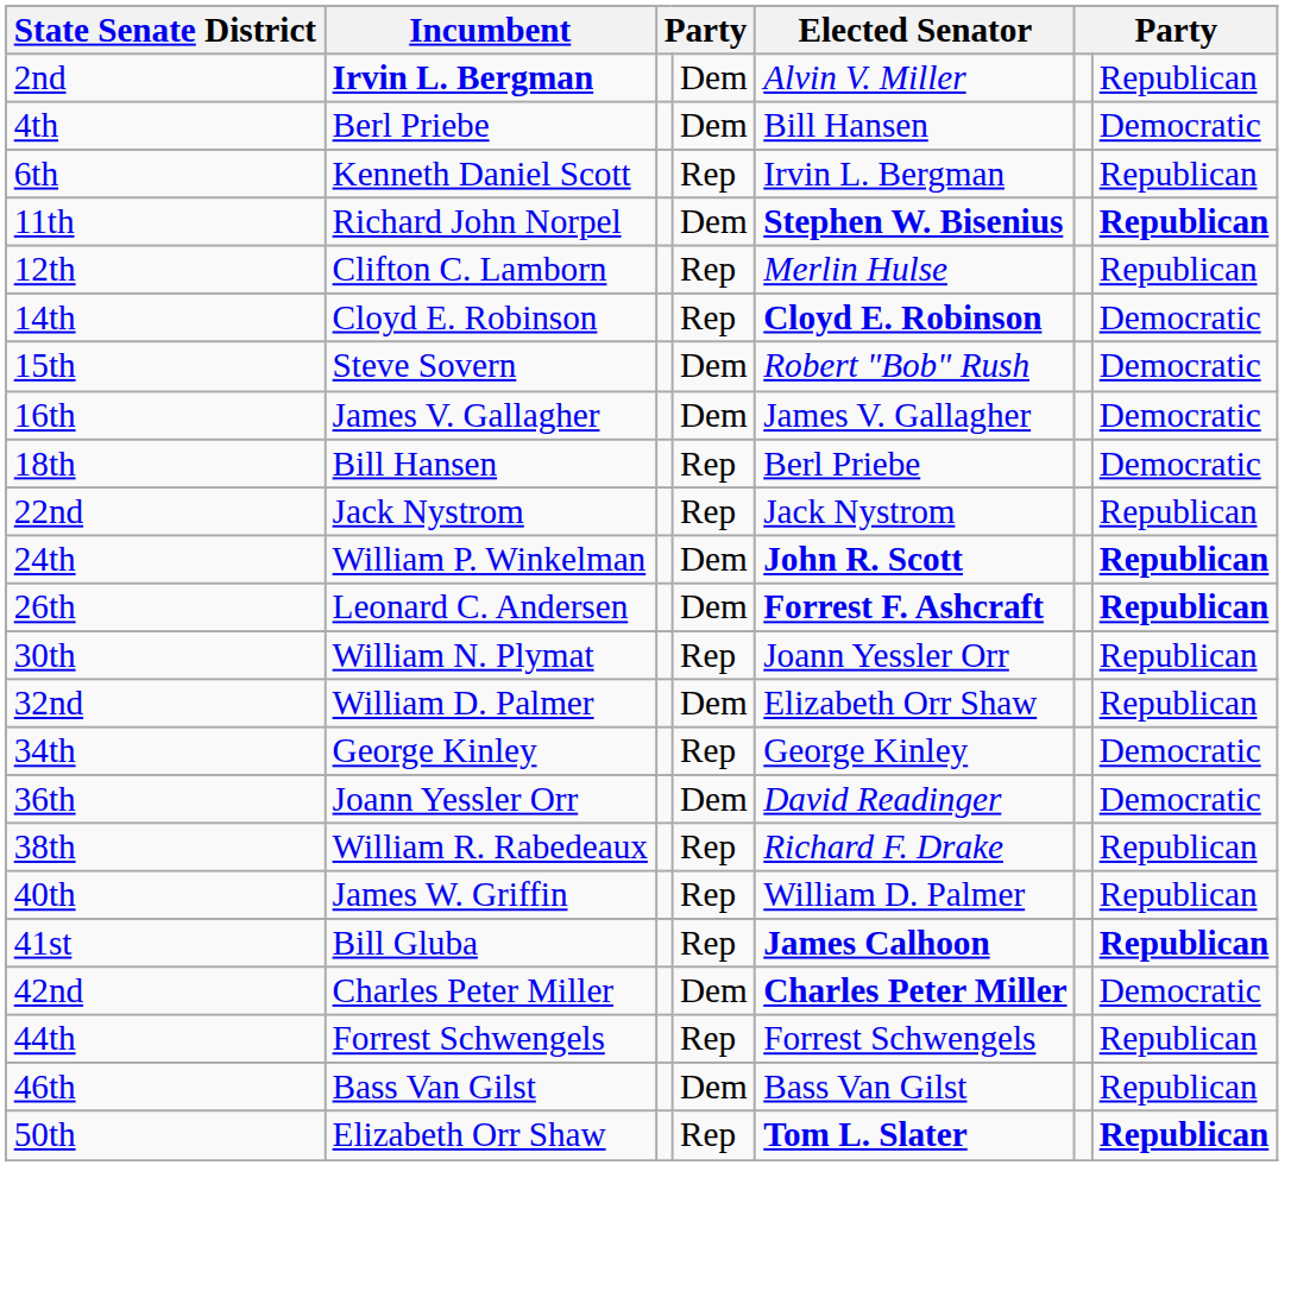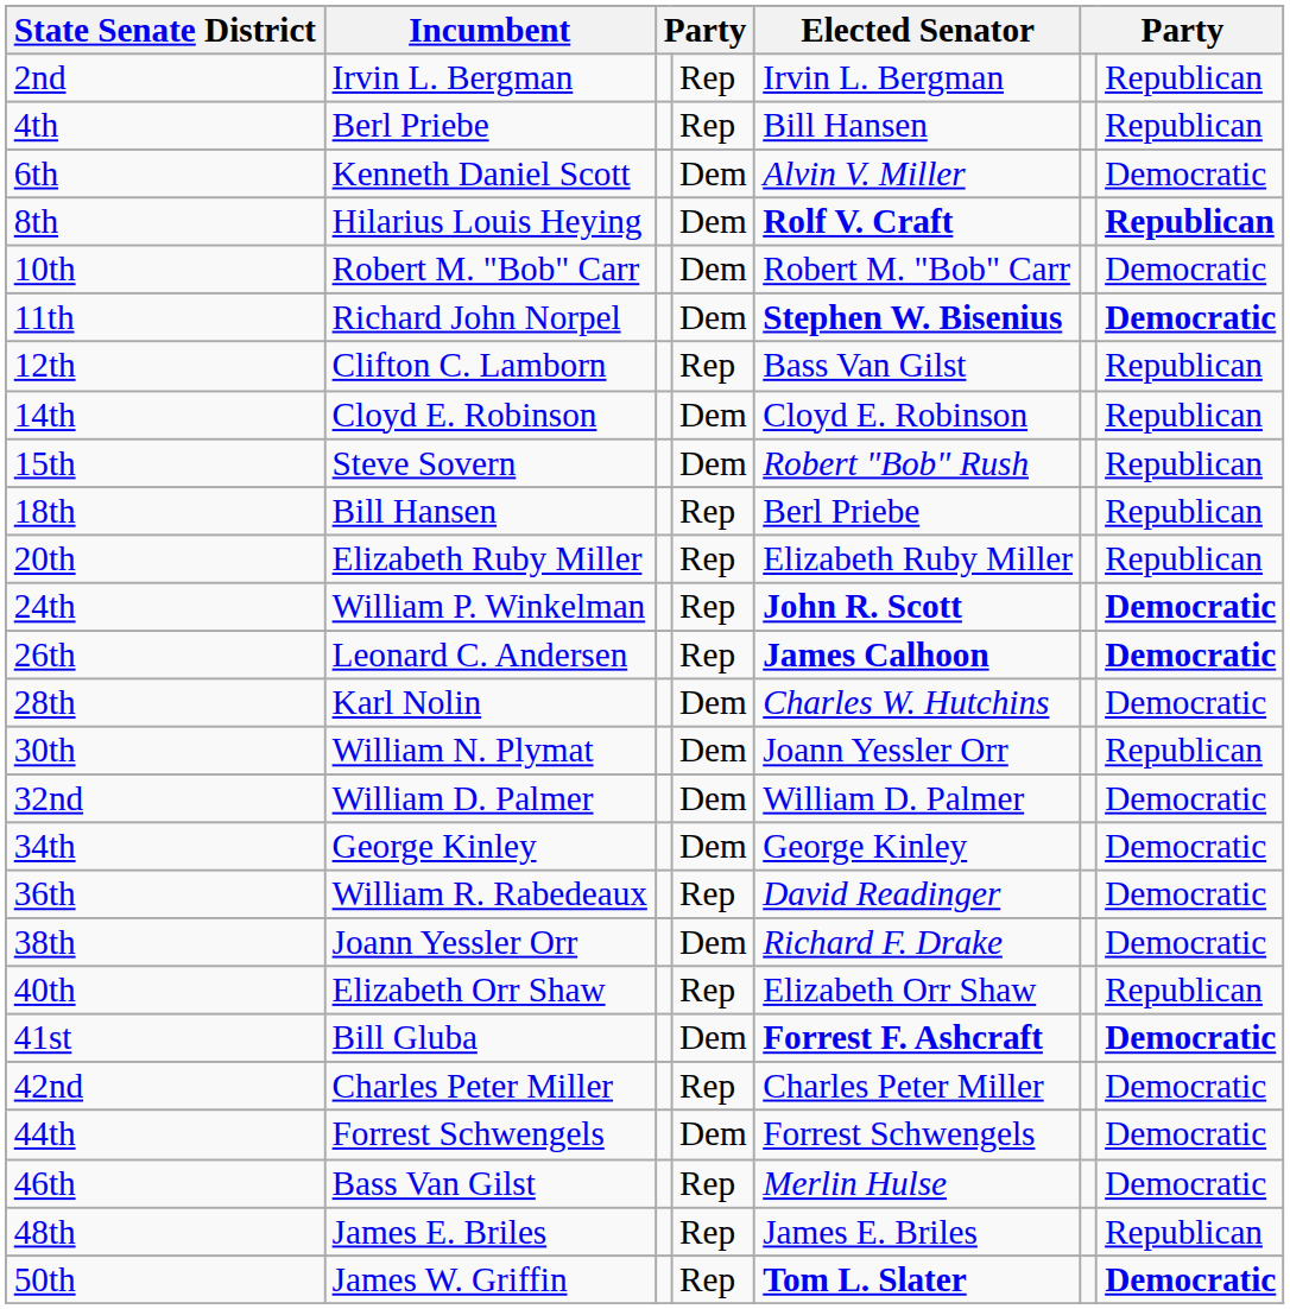 <table class="sortable wikitable" style="font-size:95%;line-height:14px;">
 <tr>
 <th class="unsortable"><a href='#'>State Senate</a> District</th>
 <th class="unsortable"><a href='#'>Incumbent</a></th>
 <th colspan="2">Party</th>
 <th class="unsortable">Elected Senator</th>
 <th colspan="2">Party</th>
 </tr>
 <tr>
 <td><a href='#'>2nd</a></td>
-<td><strong><a href='#'>Irvin L. Bergman</a></strong></td>
+<td><a href='#'>Irvin L. Bergman</a></td>
 <td style="background:"></td>
-<td>Dem</td>
-<td><em><a href='#'>Alvin V. Miller</a></em></td>
+<td>Rep</td>
+<td><a href='#'>Irvin L. Bergman</a></td>
 <td style="background:"></td>
 <td><a href='#'>Republican</a></td>
 </tr>
 <tr>
 <td><a href='#'>4th</a></td>
 <td><a href='#'>Berl Priebe</a></td>
 <td style="background:"></td>
-<td>Dem</td>
+<td>Rep</td>
 <td><a href='#'>Bill Hansen</a></td>
 <td style="background:"></td>
-<td><a href='#'>Democratic</a></td>
+<td><a href='#'>Republican</a></td>
 </tr>
 <tr>
 <td><a href='#'>6th</a></td>
 <td><a href='#'>Kenneth Daniel Scott</a></td>
 <td style="background:"></td>
-<td>Rep</td>
-<td><a href='#'>Irvin L. Bergman</a></td>
+<td>Dem</td>
+<td><em><a href='#'>Alvin V. Miller</a></em></td>
 <td style="background:"></td>
-<td><a href='#'>Republican</a></td>
+<td><a href='#'>Democratic</a></td>
+</tr>
+<tr>
+<td><a href='#'>8th</a></td>
+<td><a href='#'>Hilarius Louis Heying</a></td>
+<td style="background:"></td>
+<td>Dem</td>
+<td><strong><a href='#'>Rolf V. Craft</a></strong></td>
+<td style="background:"></td>
+<td><strong><a href='#'>Republican</a></strong></td>
+</tr>
+<tr>
+<td><a href='#'>10th</a></td>
+<td><a href='#'>Robert M. "Bob" Carr</a></td>
+<td style="background:"></td>
+<td>Dem</td>
+<td><a href='#'>Robert M. "Bob" Carr</a></td>
+<td style="background:"></td>
+<td><a href='#'>Democratic</a></td>
 </tr>
 <tr>
 <td><a href='#'>11th</a></td>
 <td><a href='#'>Richard John Norpel</a></td>
 <td style="background:"></td>
 <td>Dem</td>
 <td><strong><a href='#'>Stephen W. Bisenius</a></strong></td>
 <td style="background:"></td>
-<td><strong><a href='#'>Republican</a></strong></td>
+<td><strong><a href='#'>Democratic</a></strong></td>
 </tr>
 <tr>
 <td><a href='#'>12th</a></td>
 <td><a href='#'>Clifton C. Lamborn</a></td>
 <td style="background:"></td>
 <td>Rep</td>
-<td><em><a href='#'>Merlin Hulse</a></em></td>
+<td><a href='#'>Bass Van Gilst</a></td>
 <td style="background:"></td>
 <td><a href='#'>Republican</a></td>
 </tr>
 <tr>
 <td><a href='#'>14th</a></td>
 <td><a href='#'>Cloyd E. Robinson</a></td>
 <td style="background:"></td>
-<td>Rep</td>
-<td><strong><a href='#'>Cloyd E. Robinson</a></strong></td>
+<td>Dem</td>
+<td><a href='#'>Cloyd E. Robinson</a></td>
 <td style="background:"></td>
-<td><a href='#'>Democratic</a></td>
+<td><a href='#'>Republican</a></td>
 </tr>
 <tr>
 <td><a href='#'>15th</a></td>
 <td><a href='#'>Steve Sovern</a></td>
 <td style="background:"></td>
 <td>Dem</td>
 <td><em><a href='#'>Robert "Bob" Rush</a></em></td>
 <td style="background:"></td>
-<td><a href='#'>Democratic</a></td>
-</tr>
-<tr>
-<td><a href='#'>16th</a></td>
-<td><a href='#'>James V. Gallagher</a></td>
-<td style="background:"></td>
-<td>Dem</td>
-<td><a href='#'>James V. Gallagher</a></td>
-<td style="background:"></td>
-<td><a href='#'>Democratic</a></td>
+<td><a href='#'>Republican</a></td>
 </tr>
 <tr>
 <td><a href='#'>18th</a></td>
 <td><a href='#'>Bill Hansen</a></td>
 <td style="background:"></td>
 <td>Rep</td>
 <td><a href='#'>Berl Priebe</a></td>
 <td style="background:"></td>
-<td><a href='#'>Democratic</a></td>
+<td><a href='#'>Republican</a></td>
 </tr>
 <tr>
-<td><a href='#'>22nd</a></td>
-<td><a href='#'>Jack Nystrom</a></td>
+<td><a href='#'>20th</a></td>
+<td><a href='#'>Elizabeth Ruby Miller</a></td>
 <td style="background:"></td>
 <td>Rep</td>
-<td><a href='#'>Jack Nystrom</a></td>
+<td><a href='#'>Elizabeth Ruby Miller</a></td>
 <td style="background:"></td>
 <td><a href='#'>Republican</a></td>
 </tr>
 <tr>
 <td><a href='#'>24th</a></td>
 <td><a href='#'>William P. Winkelman</a></td>
 <td style="background:"></td>
-<td>Dem</td>
+<td>Rep</td>
 <td><strong><a href='#'>John R. Scott</a></strong></td>
 <td style="background:"></td>
-<td><strong><a href='#'>Republican</a></strong></td>
+<td><strong><a href='#'>Democratic</a></strong></td>
 </tr>
 <tr>
 <td><a href='#'>26th</a></td>
 <td><a href='#'>Leonard C. Andersen</a></td>
 <td style="background:"></td>
+<td>Rep</td>
+<td><strong><a href='#'>James Calhoon</a></strong></td>
+<td style="background:"></td>
+<td><strong><a href='#'>Democratic</a></strong></td>
+</tr>
+<tr>
+<td><a href='#'>28th</a></td>
+<td><a href='#'>Karl Nolin</a></td>
+<td style="background:"></td>
 <td>Dem</td>
-<td><strong><a href='#'>Forrest F. Ashcraft</a></strong></td>
+<td><em><a href='#'>Charles W. Hutchins</a></em></td>
 <td style="background:"></td>
-<td><strong><a href='#'>Republican</a></strong></td>
+<td><a href='#'>Democratic</a></td>
 </tr>
 <tr>
 <td><a href='#'>30th</a></td>
 <td><a href='#'>William N. Plymat</a></td>
 <td style="background:"></td>
-<td>Rep</td>
+<td>Dem</td>
 <td><a href='#'>Joann Yessler Orr</a></td>
 <td style="background:"></td>
 <td><a href='#'>Republican</a></td>
 </tr>
 <tr>
 <td><a href='#'>32nd</a></td>
 <td><a href='#'>William D. Palmer</a></td>
 <td style="background:"></td>
 <td>Dem</td>
-<td><a href='#'>Elizabeth Orr Shaw</a></td>
+<td><a href='#'>William D. Palmer</a></td>
 <td style="background:"></td>
-<td><a href='#'>Republican</a></td>
+<td><a href='#'>Democratic</a></td>
 </tr>
 <tr>
 <td><a href='#'>34th</a></td>
 <td><a href='#'>George Kinley</a></td>
 <td style="background:"></td>
-<td>Rep</td>
+<td>Dem</td>
 <td><a href='#'>George Kinley</a></td>
 <td style="background:"></td>
 <td><a href='#'>Democratic</a></td>
 </tr>
 <tr>
 <td><a href='#'>36th</a></td>
-<td><a href='#'>Joann Yessler Orr</a></td>
+<td><a href='#'>William R. Rabedeaux</a></td>
 <td style="background:"></td>
-<td>Dem</td>
+<td>Rep</td>
 <td><em><a href='#'>David Readinger</a></em></td>
 <td style="background:"></td>
 <td><a href='#'>Democratic</a></td>
 </tr>
 <tr>
 <td><a href='#'>38th</a></td>
-<td><a href='#'>William R. Rabedeaux</a></td>
+<td><a href='#'>Joann Yessler Orr</a></td>
 <td style="background:"></td>
-<td>Rep</td>
+<td>Dem</td>
 <td><em><a href='#'>Richard F. Drake</a></em></td>
 <td style="background:"></td>
-<td><a href='#'>Republican</a></td>
+<td><a href='#'>Democratic</a></td>
 </tr>
 <tr>
 <td><a href='#'>40th</a></td>
-<td><a href='#'>James W. Griffin</a></td>
+<td><a href='#'>Elizabeth Orr Shaw</a></td>
 <td style="background:"></td>
 <td>Rep</td>
-<td><a href='#'>William D. Palmer</a></td>
+<td><a href='#'>Elizabeth Orr Shaw</a></td>
 <td style="background:"></td>
 <td><a href='#'>Republican</a></td>
 </tr>
 <tr>
 <td><a href='#'>41st</a></td>
 <td><a href='#'>Bill Gluba</a></td>
 <td style="background:"></td>
-<td>Rep</td>
-<td><strong><a href='#'>James Calhoon</a></strong></td>
+<td>Dem</td>
+<td><strong><a href='#'>Forrest F. Ashcraft</a></strong></td>
 <td style="background:"></td>
-<td><strong><a href='#'>Republican</a></strong></td>
+<td><strong><a href='#'>Democratic</a></strong></td>
 </tr>
 <tr>
 <td><a href='#'>42nd</a></td>
 <td><a href='#'>Charles Peter Miller</a></td>
 <td style="background:"></td>
-<td>Dem</td>
-<td><strong><a href='#'>Charles Peter Miller</a></strong></td>
+<td>Rep</td>
+<td><a href='#'>Charles Peter Miller</a></td>
 <td style="background:"></td>
 <td><a href='#'>Democratic</a></td>
 </tr>
 <tr>
 <td><a href='#'>44th</a></td>
 <td><a href='#'>Forrest Schwengels</a></td>
 <td style="background:"></td>
-<td>Rep</td>
+<td>Dem</td>
 <td><a href='#'>Forrest Schwengels</a></td>
 <td style="background:"></td>
-<td><a href='#'>Republican</a></td>
+<td><a href='#'>Democratic</a></td>
 </tr>
 <tr>
 <td><a href='#'>46th</a></td>
 <td><a href='#'>Bass Van Gilst</a></td>
 <td style="background:"></td>
-<td>Dem</td>
-<td><a href='#'>Bass Van Gilst</a></td>
+<td>Rep</td>
+<td><em><a href='#'>Merlin Hulse</a></em></td>
+<td style="background:"></td>
+<td><a href='#'>Democratic</a></td>
+</tr>
+<tr>
+<td><a href='#'>48th</a></td>
+<td><a href='#'>James E. Briles</a></td>
+<td style="background:"></td>
+<td>Rep</td>
+<td><a href='#'>James E. Briles</a></td>
 <td style="background:"></td>
 <td><a href='#'>Republican</a></td>
 </tr>
 <tr>
 <td><a href='#'>50th</a></td>
-<td><a href='#'>Elizabeth Orr Shaw</a></td>
+<td><a href='#'>James W. Griffin</a></td>
 <td style="background:"></td>
 <td>Rep</td>
 <td><strong><a href='#'>Tom L. Slater</a></strong></td>
 <td style="background:"></td>
-<td><strong><a href='#'>Republican</a></strong></td>
+<td><strong><a href='#'>Democratic</a></strong></td>
 </tr>
 <tr>
 </tr>
 </table>
